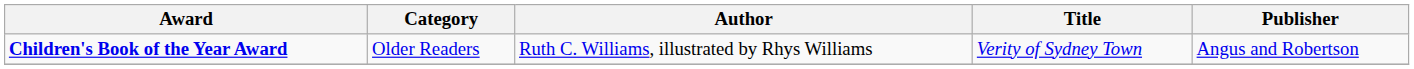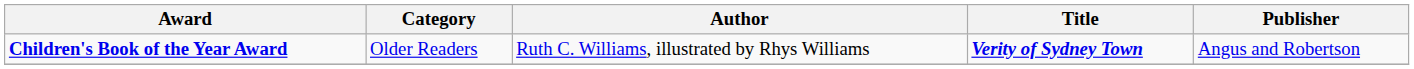 <table class="wikitable" width=95%>
 <tr>
 <th>Award</th>
 <th>Category</th>
 <th>Author</th>
 <th>Title</th>
 <th>Publisher</th>
 </tr>
 <tr>
 <td><strong><a href='#'>Children's Book of the Year Award</a></strong></td>
 <td><a href='#'>Older Readers</a></td>
 <td><a href='#'>Ruth C. Williams</a>, illustrated by Rhys Williams</td>
-<td><em><a href='#'>Verity of Sydney Town</a></em></td>
+<td><strong><em><a href='#'>Verity of Sydney Town</a></em></strong></td>
 <td><a href='#'>Angus and Robertson</a></td>
 </tr>
 <tr>
 </tr>
 </table>
